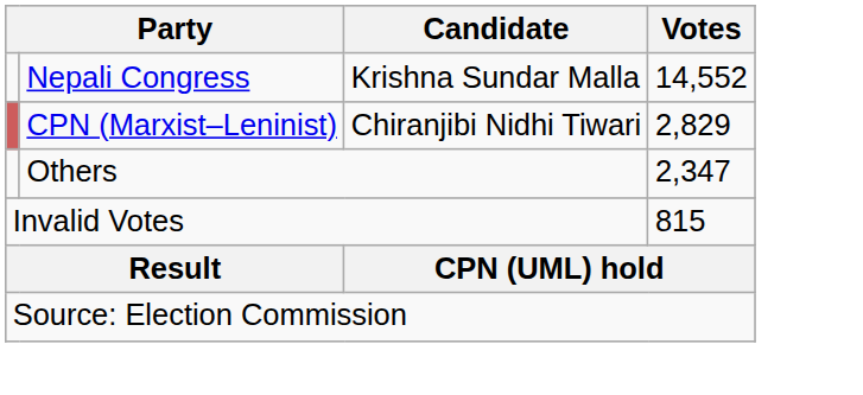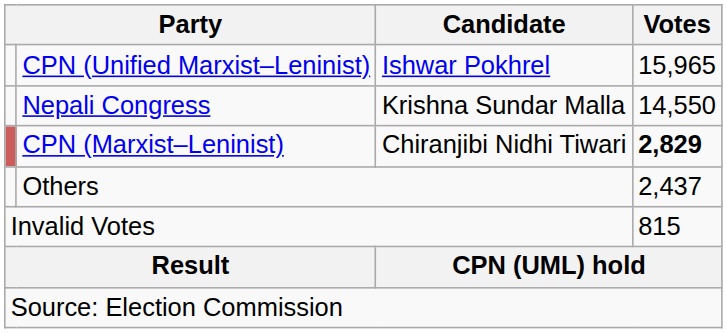 <table class="wikitable">
 <tr>
 <th colspan="2">Party</th>
 <th>Candidate</th>
 <th>Votes</th>
 </tr>
 <tr>
 <td style="background-color:"></td>
+<td><a href='#'>CPN (Unified Marxist–Leninist)</a></td>
+<td><a href='#'>Ishwar Pokhrel</a></td>
+<td>15,965</td>
+</tr>
+<tr>
+<td style="background-color:"></td>
 <td><a href='#'>Nepali Congress</a></td>
 <td>Krishna Sundar Malla</td>
-<td>14,552</td>
+<td>14,550</td>
 </tr>
 <tr>
 <td style="background-color:indianred"></td>
 <td><a href='#'>CPN (Marxist–Leninist)</a></td>
 <td>Chiranjibi Nidhi Tiwari</td>
-<td>2,829</td>
+<td><strong>2,829</strong></td>
 </tr>
 <tr>
 <td></td>
 <td colspan="2">Others</td>
-<td>2,347</td>
+<td>2,437</td>
 </tr>
 <tr>
 <td colspan="3">Invalid Votes</td>
 <td>815</td>
 </tr>
 <tr>
 <th colspan="2">Result</th>
 <th colspan="2">CPN (UML) hold</th>
 </tr>
 <tr>
 <td colspan="4">Source: Election Commission</td>
 </tr>
 </table>
